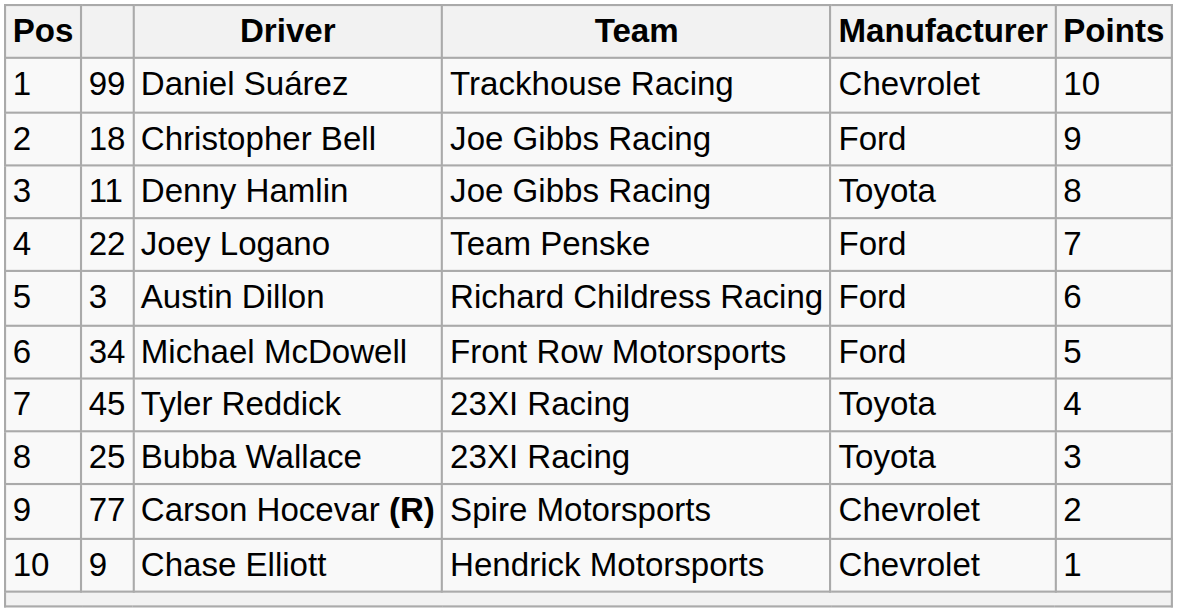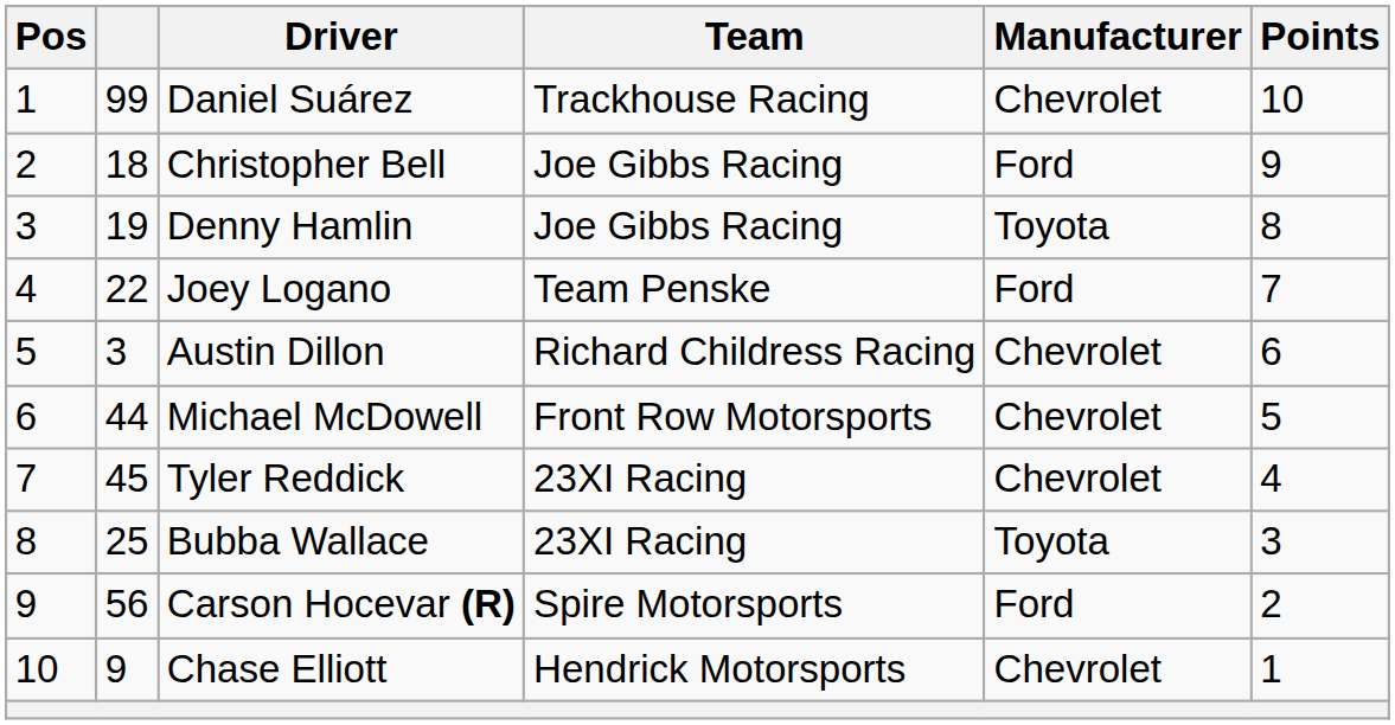 <table class="wikitable" style="font-size:98%">
 <tr>
 <th>Pos</th>
 <th></th>
 <th>Driver</th>
 <th>Team</th>
 <th>Manufacturer</th>
 <th>Points</th>
 </tr>
 <tr>
 <td>1</td>
 <td>99</td>
 <td>Daniel Suárez</td>
 <td>Trackhouse Racing</td>
 <td>Chevrolet</td>
 <td>10</td>
 </tr>
 <tr>
 <td>2</td>
 <td>18</td>
 <td>Christopher Bell</td>
 <td>Joe Gibbs Racing</td>
 <td>Ford</td>
 <td>9</td>
 </tr>
 <tr>
 <td>3</td>
-<td>11</td>
+<td>19</td>
 <td>Denny Hamlin</td>
 <td>Joe Gibbs Racing</td>
 <td>Toyota</td>
 <td>8</td>
 </tr>
 <tr>
 <td>4</td>
 <td>22</td>
 <td>Joey Logano</td>
 <td>Team Penske</td>
 <td>Ford</td>
 <td>7</td>
 </tr>
 <tr>
 <td>5</td>
 <td>3</td>
 <td>Austin Dillon</td>
 <td>Richard Childress Racing</td>
-<td>Ford</td>
+<td>Chevrolet</td>
 <td>6</td>
 </tr>
 <tr>
 <td>6</td>
-<td>34</td>
+<td>44</td>
 <td>Michael McDowell</td>
 <td>Front Row Motorsports</td>
-<td>Ford</td>
+<td>Chevrolet</td>
 <td>5</td>
 </tr>
 <tr>
 <td>7</td>
 <td>45</td>
 <td>Tyler Reddick</td>
 <td>23XI Racing</td>
-<td>Toyota</td>
+<td>Chevrolet</td>
 <td>4</td>
 </tr>
 <tr>
 <td>8</td>
 <td>25</td>
 <td>Bubba Wallace</td>
 <td>23XI Racing</td>
 <td>Toyota</td>
 <td>3</td>
 </tr>
 <tr>
 <td>9</td>
-<td>77</td>
+<td>56</td>
 <td>Carson Hocevar <strong>(R)</strong></td>
 <td>Spire Motorsports</td>
-<td>Chevrolet</td>
+<td>Ford</td>
 <td>2</td>
 </tr>
 <tr>
 <td>10</td>
 <td>9</td>
 <td>Chase Elliott</td>
 <td>Hendrick Motorsports</td>
 <td>Chevrolet</td>
 <td>1</td>
 </tr>
 <tr>
 <th colspan="6"></th>
 </tr>
 </table>
